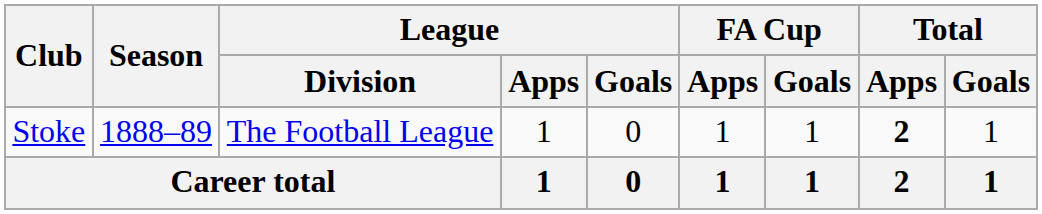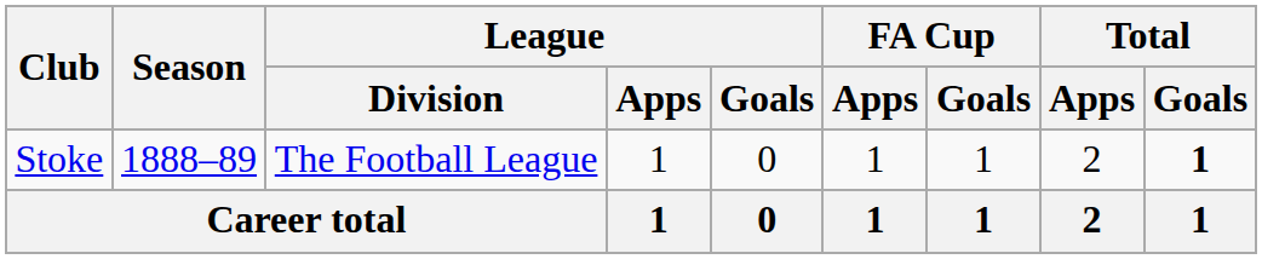 <table class="wikitable" style="text-align: center;">
 <tr>
 <th rowspan="2">Club</th>
 <th rowspan="2">Season</th>
 <th colspan="3">League</th>
 <th colspan="2">FA Cup</th>
 <th colspan="2">Total</th>
 </tr>
 <tr>
 <th>Division</th>
 <th>Apps</th>
 <th>Goals</th>
 <th>Apps</th>
 <th>Goals</th>
 <th>Apps</th>
 <th>Goals</th>
 </tr>
 <tr>
 <td><a href='#'>Stoke</a></td>
 <td><a href='#'>1888–89</a></td>
 <td><a href='#'>The Football League</a></td>
 <td>1</td>
 <td>0</td>
 <td>1</td>
 <td>1</td>
-<td><strong>2</strong></td>
-<td>1</td>
+<td>2</td>
+<td><strong>1</strong></td>
 </tr>
 <tr>
 <th colspan=3>Career total</th>
 <th>1</th>
 <th>0</th>
 <th>1</th>
 <th>1</th>
 <th>2</th>
 <th>1</th>
 </tr>
 </table>
